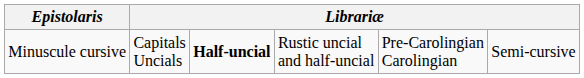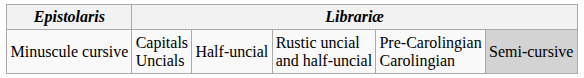 <table class="wikitable" style="margin:1em auto;">
 <tr>
 <th><em>Epistolaris</em></th>
 <th colspan="5"><em>Librariæ</em></th>
 </tr>
 <tr>
 <td>Minuscule cursive</td>
 <td rowspan="2">Capitals<br>Uncials</td>
-<td><strong>Half-uncial</strong></td>
+<td>Half-uncial</td>
 <td>Rustic uncial<br>and half-uncial</td>
 <td>Pre-Carolingian<br>Carolingian</td>
-<td>Semi-cursive</td>
+<td style="background: lightgrey;">Semi-cursive</td>
 </tr>
 </table>
